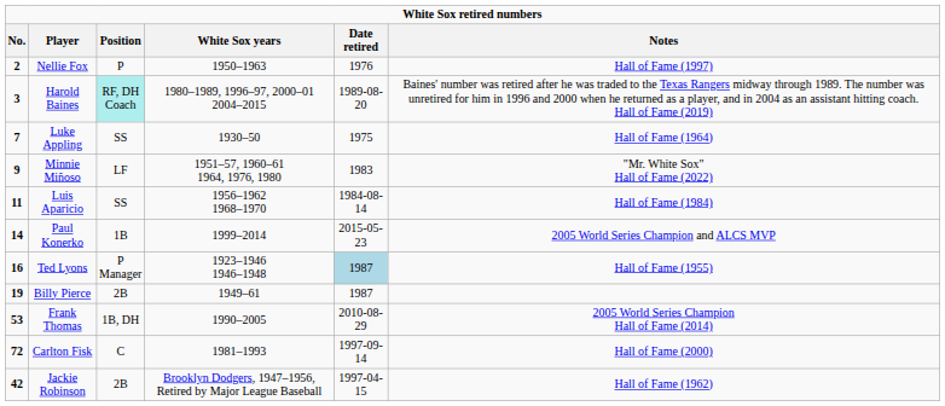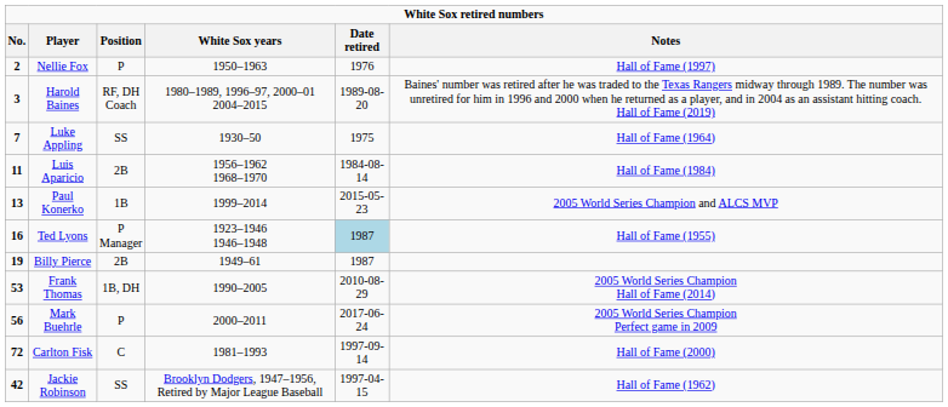 <table class="wikitable" style="text-align:center">
 <tr>
 <td colspan=6 style="text-align:center"><strong>White Sox retired numbers</strong></td>
 </tr>
 <tr>
 <th>No.</th>
 <th>Player</th>
 <th>Position</th>
 <th>White Sox years</th>
 <th>Date retired</th>
 <th>Notes</th>
 </tr>
 <tr>
 <td align="center" style="color#000000; background-color#fff;"><strong>2</strong></td>
 <td><a href='#'>Nellie Fox</a></td>
 <td>P</td>
 <td>1950–1963</td>
 <td>1976</td>
 <td><a href='#'>Hall of Fame (1997)</a></td>
 </tr>
 <tr>
 <td align="center" style="color#000000; background-color#fff;"><strong>3</strong></td>
 <td><a href='#'>Harold Baines</a></td>
-<td style="background: paleturquoise;">RF, DH<br>Coach</td>
+<td>RF, DH<br>Coach</td>
 <td>1980–1989, 1996–97, 2000–01<br>2004–2015</td>
 <td>1989-08-20</td>
 <td>Baines' number was retired after he was traded to the <a href='#'>Texas Rangers</a> midway through 1989. The number was unretired for him in 1996 and 2000 when he returned as a player, and in 2004 as an assistant hitting coach.<br><a href='#'>Hall of Fame (2019)</a></td>
 </tr>
 <tr>
 <td align="center" style="color#000000; background-color#fff;"><strong>7</strong></td>
 <td><a href='#'>Luke Appling</a></td>
 <td>SS</td>
 <td>1930–50</td>
 <td>1975</td>
 <td><a href='#'>Hall of Fame (1964)</a></td>
 </tr>
 <tr>
-<td align="center" style="color#000000; background-color#fff;"><strong>9</strong></td>
-<td><a href='#'>Minnie Miñoso</a></td>
-<td>LF</td>
-<td>1951–57, 1960–61<br>1964, 1976, 1980</td>
-<td>1983</td>
-<td>"Mr. White Sox"<br><a href='#'>Hall of Fame (2022)</a></td>
-</tr>
-<tr>
 <td align="center" style="color#000000; background-color#fff;"><strong>11</strong></td>
 <td><a href='#'>Luis Aparicio</a></td>
-<td>SS</td>
+<td>2B</td>
 <td>1956–1962<br>1968–1970</td>
 <td>1984-08-14</td>
 <td><a href='#'>Hall of Fame (1984)</a></td>
 </tr>
 <tr>
-<td align="center" style="color#000000; background-color#fff;"><strong>14</strong></td>
+<td align="center" style="color#000000; background-color#fff;"><strong>13</strong></td>
 <td><a href='#'>Paul Konerko</a></td>
 <td>1B</td>
 <td>1999–2014</td>
 <td>2015-05-23</td>
 <td><a href='#'>2005 World Series Champion</a> and <a href='#'>ALCS MVP</a></td>
 </tr>
 <tr>
 <td align="center" style="color#000000; background-color#fff;"><strong>16</strong></td>
 <td><a href='#'>Ted Lyons</a></td>
 <td>P<br>Manager</td>
 <td>1923–1946<br>1946–1948</td>
 <td style="background: lightblue;">1987</td>
 <td><a href='#'>Hall of Fame (1955)</a></td>
 </tr>
 <tr>
 <td align="center" style="color#000000; background-color#fff;"><strong>19</strong></td>
 <td><a href='#'>Billy Pierce</a></td>
 <td>2B</td>
 <td>1949–61</td>
 <td>1987</td>
 <td></td>
 </tr>
 <tr>
 <td align="center" style="color#000000; background-color#fff;"><strong>53</strong></td>
 <td><a href='#'>Frank Thomas</a></td>
 <td>1B, DH</td>
 <td>1990–2005</td>
 <td>2010-08-29</td>
 <td><a href='#'>2005 World Series Champion</a><br><a href='#'>Hall of Fame (2014)</a></td>
 </tr>
 <tr>
+<td align="center" style="color#000000; background-color#fff;"><strong>56</strong></td>
+<td><a href='#'>Mark Buehrle</a></td>
+<td>P</td>
+<td>2000–2011</td>
+<td>2017-06-24</td>
+<td><a href='#'>2005 World Series Champion</a><br><a href='#'>Perfect game in 2009</a></td>
+</tr>
+<tr>
 <td align="center" style="color#000000; background-color#fff;"><strong>72</strong></td>
 <td><a href='#'>Carlton Fisk</a></td>
 <td>C</td>
 <td>1981–1993</td>
 <td>1997-09-14</td>
 <td><a href='#'>Hall of Fame (2000)</a></td>
 </tr>
 <tr>
 <td align="center" style="color#083884; background-color#fff;"><strong>42</strong></td>
 <td><a href='#'>Jackie Robinson</a></td>
-<td>2B</td>
+<td>SS</td>
 <td><a href='#'>Brooklyn Dodgers</a>, 1947–1956, Retired by Major League Baseball</td>
 <td>1997-04-15</td>
 <td><a href='#'>Hall of Fame (1962)</a></td>
 </tr>
 </table>
